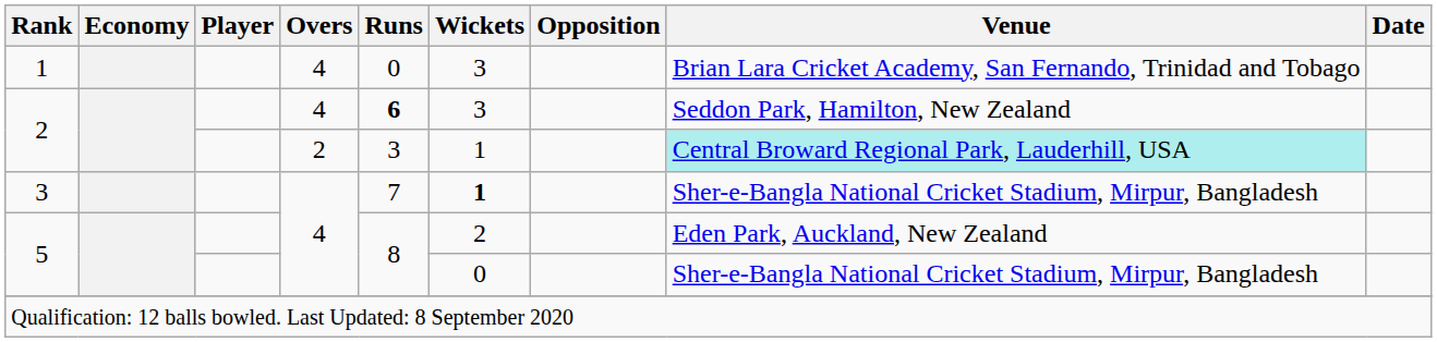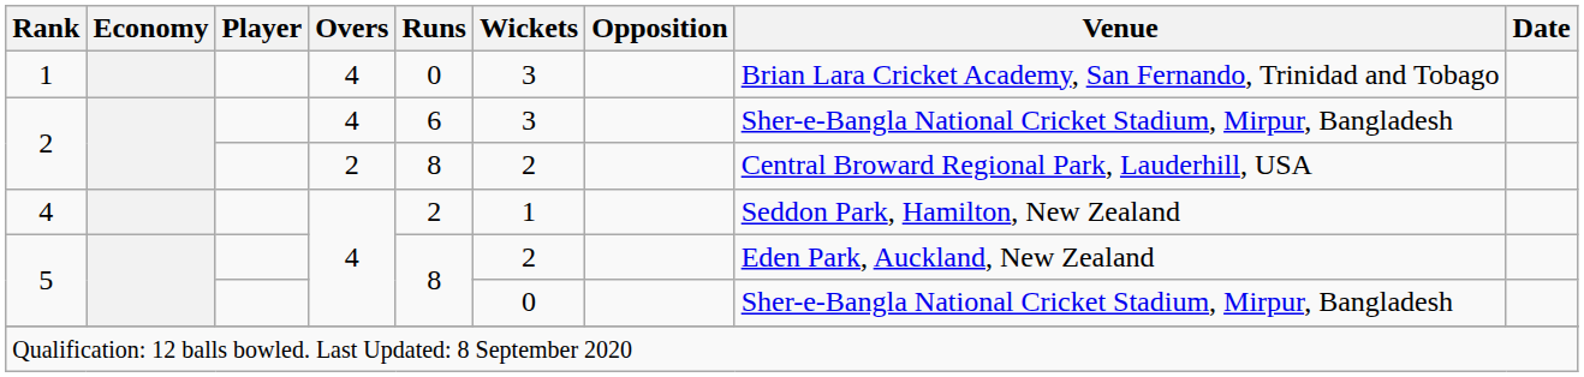 <table class="wikitable plainrowheaders sortable">
 <tr>
 <th scope=col>Rank</th>
 <th scope=col>Economy</th>
 <th scope=col>Player</th>
 <th scope=col>Overs</th>
 <th scope=col>Runs</th>
 <th scope=col>Wickets</th>
 <th scope=col>Opposition</th>
 <th scope=col>Venue</th>
 <th scope=col>Date</th>
 </tr>
 <tr>
 <td align=center>1</td>
 <th scope=row style=text-align:center;></th>
 <td></td>
 <td align=center>4</td>
 <td align=center>0</td>
 <td align=center>3</td>
 <td></td>
 <td><a href='#'>Brian Lara Cricket Academy</a>, <a href='#'>San Fernando</a>, Trinidad and Tobago</td>
 <td></td>
 </tr>
 <tr>
 <td align=center rowspan=2>2</td>
 <th scope=row style=text-align:center; rowspan=2></th>
 <td></td>
 <td align=center>4</td>
-<td align=center><strong>6</strong></td>
+<td align=center>6</td>
 <td align=center>3</td>
 <td></td>
-<td><a href='#'>Seddon Park</a>, <a href='#'>Hamilton</a>, New Zealand</td>
+<td><a href='#'>Sher-e-Bangla National Cricket Stadium</a>, <a href='#'>Mirpur</a>, Bangladesh</td>
 <td></td>
 </tr>
 <tr>
 <td></td>
 <td align=center>2</td>
-<td align=center>3</td>
-<td align=center>1</td>
+<td align=center>8</td>
+<td align=center>2</td>
 <td></td>
-<td style="background: paleturquoise;"><a href='#'>Central Broward Regional Park</a>, <a href='#'>Lauderhill</a>, USA</td>
+<td><a href='#'>Central Broward Regional Park</a>, <a href='#'>Lauderhill</a>, USA</td>
 <td> </td>
 </tr>
 <tr>
-<td align=center>3</td>
+<td align=center>4</td>
 <th scope=row style=text-align:center;></th>
 <td></td>
 <td align=center rowspan=3>4</td>
-<td align=center>7</td>
-<td align=center><strong>1</strong></td>
+<td align=center>2</td>
+<td align=center>1</td>
 <td></td>
-<td><a href='#'>Sher-e-Bangla National Cricket Stadium</a>, <a href='#'>Mirpur</a>, Bangladesh</td>
+<td><a href='#'>Seddon Park</a>, <a href='#'>Hamilton</a>, New Zealand</td>
 <td></td>
 </tr>
 <tr>
 <td align=center rowspan=2>5</td>
 <th scope=row style=text-align:center; rowspan=2></th>
 <td> </td>
 <td align=center rowspan=2>8</td>
 <td align=center>2</td>
 <td></td>
 <td><a href='#'>Eden Park</a>, <a href='#'>Auckland</a>, New Zealand</td>
 <td></td>
 </tr>
 <tr>
 <td></td>
 <td align=center>0</td>
 <td></td>
 <td><a href='#'>Sher-e-Bangla National Cricket Stadium</a>, <a href='#'>Mirpur</a>, Bangladesh</td>
 <td></td>
 </tr>
 <tr>
 </tr>
 <tr class=sortbottom>
 <td colspan=9><small>Qualification: 12 balls bowled. Last Updated: 8 September 2020</small></td>
 </tr>
 </table>
